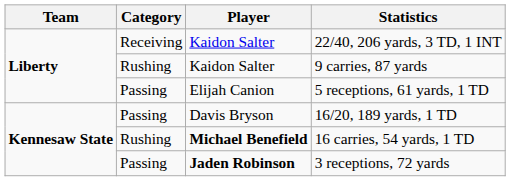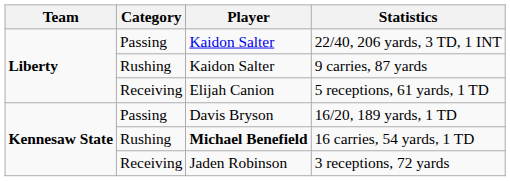 <table class="wikitable" style="float: right;">
 <tr>
 <th>Team</th>
 <th>Category</th>
 <th>Player</th>
 <th>Statistics</th>
 </tr>
 <tr>
 <td rowspan=3><strong>Liberty</strong></td>
-<td>Receiving</td>
+<td>Passing</td>
 <td><a href='#'>Kaidon Salter</a></td>
 <td>22/40, 206 yards, 3 TD, 1 INT</td>
 </tr>
 <tr>
 <td>Rushing</td>
 <td>Kaidon Salter</td>
 <td>9 carries, 87 yards</td>
 </tr>
 <tr>
-<td>Passing</td>
+<td>Receiving</td>
 <td>Elijah Canion</td>
 <td>5 receptions, 61 yards, 1 TD</td>
 </tr>
 <tr>
 <td rowspan=3><strong>Kennesaw State</strong></td>
 <td>Passing</td>
 <td>Davis Bryson</td>
 <td>16/20, 189 yards, 1 TD</td>
 </tr>
 <tr>
 <td>Rushing</td>
 <td><strong>Michael Benefield</strong></td>
 <td>16 carries, 54 yards, 1 TD</td>
 </tr>
 <tr>
-<td>Passing</td>
-<td><strong>Jaden Robinson</strong></td>
+<td>Receiving</td>
+<td>Jaden Robinson</td>
 <td>3 receptions, 72 yards</td>
 </tr>
 </table>
